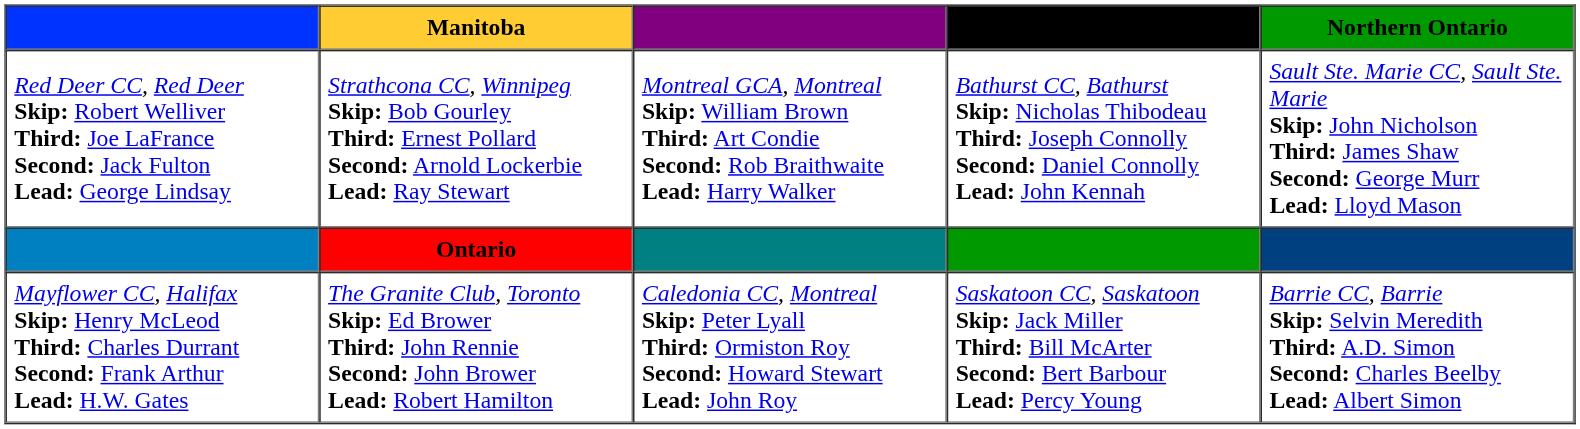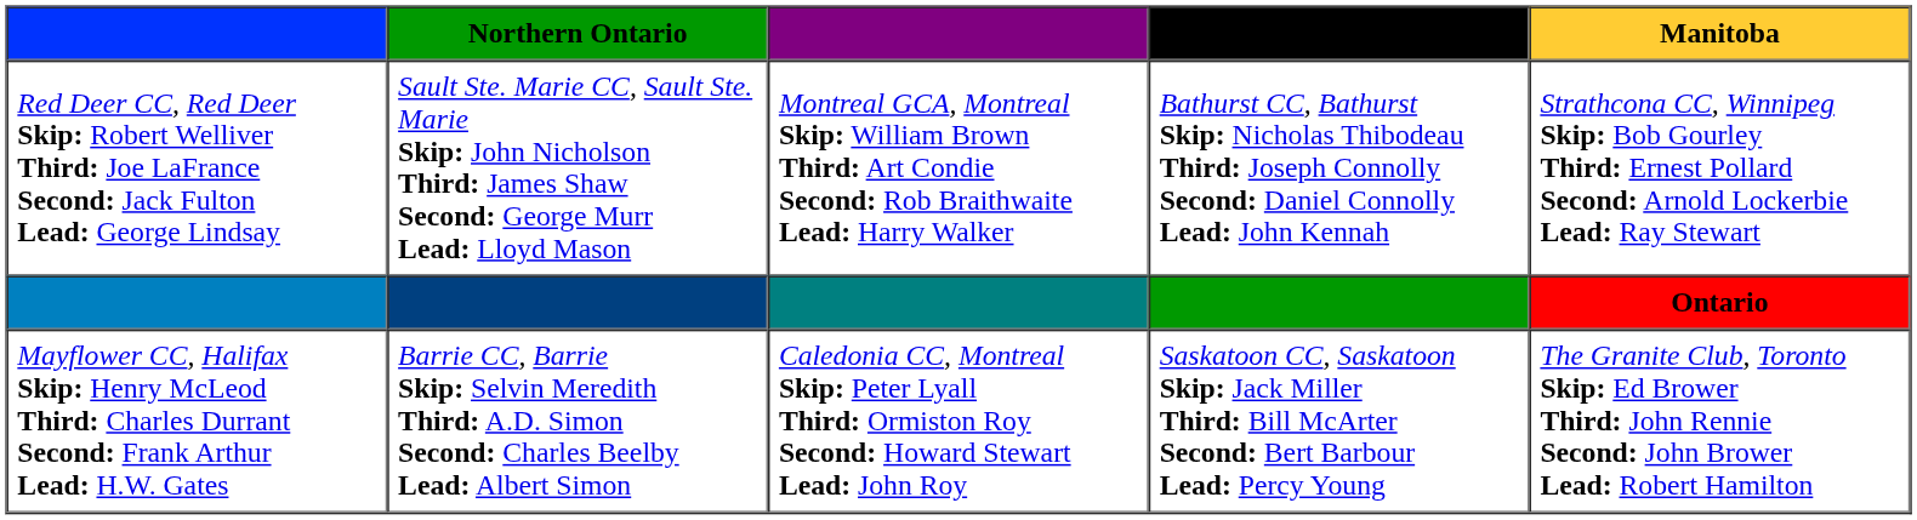 <table - border=1 cellpadding=5 cellspacing=0>
 <tr>
 <th bgcolor=#0033FF width=200></th>
-<th style="background:#FFCC33; width:200px;">Manitoba</th>
+<th style="background:#009900; width:200px;">Northern Ontario</th>
 <th bgcolor=#800080 width=200></th>
 <th bgcolor=#000000 width=200></th>
-<th style="background:#009900; width:200px;">Northern Ontario</th>
+<th style="background:#FFCC33; width:200px;">Manitoba</th>
 </tr>
 <tr>
 <td><em><a href='#'>Red Deer CC</a>, <a href='#'>Red Deer</a></em><br><strong>Skip:</strong> <a href='#'>Robert Welliver</a><br> <strong>Third:</strong> <a href='#'>Joe LaFrance</a><br> <strong>Second:</strong> <a href='#'>Jack Fulton</a><br> <strong>Lead:</strong> <a href='#'>George Lindsay</a></td>
-<td><em><a href='#'>Strathcona CC</a>, <a href='#'>Winnipeg</a></em><br><strong>Skip:</strong> <a href='#'>Bob Gourley</a><br> <strong>Third:</strong> <a href='#'>Ernest Pollard</a><br> <strong>Second:</strong> <a href='#'>Arnold Lockerbie</a><br> <strong>Lead:</strong> <a href='#'>Ray Stewart</a></td>
+<td><em><a href='#'>Sault Ste. Marie CC</a>, <a href='#'>Sault Ste. Marie</a></em><br><strong>Skip:</strong> <a href='#'>John Nicholson</a><br> <strong>Third:</strong> <a href='#'>James Shaw</a><br> <strong>Second:</strong> <a href='#'>George Murr</a><br> <strong>Lead:</strong> <a href='#'>Lloyd Mason</a></td>
 <td><em><a href='#'>Montreal GCA</a>, <a href='#'>Montreal</a></em><br><strong>Skip:</strong> <a href='#'>William Brown</a><br> <strong>Third:</strong> <a href='#'>Art Condie</a><br> <strong>Second:</strong> <a href='#'>Rob Braithwaite</a><br> <strong>Lead:</strong> <a href='#'>Harry Walker</a></td>
 <td><em><a href='#'>Bathurst CC</a>, <a href='#'>Bathurst</a></em><br><strong>Skip:</strong> <a href='#'>Nicholas Thibodeau</a><br> <strong>Third:</strong> <a href='#'>Joseph Connolly</a><br> <strong>Second:</strong> <a href='#'>Daniel Connolly</a><br> <strong>Lead:</strong> <a href='#'>John Kennah</a></td>
-<td><em><a href='#'>Sault Ste. Marie CC</a>, <a href='#'>Sault Ste. Marie</a></em><br><strong>Skip:</strong> <a href='#'>John Nicholson</a><br> <strong>Third:</strong> <a href='#'>James Shaw</a><br> <strong>Second:</strong> <a href='#'>George Murr</a><br> <strong>Lead:</strong> <a href='#'>Lloyd Mason</a></td>
+<td><em><a href='#'>Strathcona CC</a>, <a href='#'>Winnipeg</a></em><br><strong>Skip:</strong> <a href='#'>Bob Gourley</a><br> <strong>Third:</strong> <a href='#'>Ernest Pollard</a><br> <strong>Second:</strong> <a href='#'>Arnold Lockerbie</a><br> <strong>Lead:</strong> <a href='#'>Ray Stewart</a></td>
 </tr>
 <tr border=1 cellpadding=5 cellspacing=0>
 <th bgcolor=#0080C0 width=200></th>
-<th bgcolor=#FF0000 width=200>Ontario</th>
+<th bgcolor=#004080 width=200></th>
 <th style="background:#008080; width:200px;"></th>
 <th bgcolor=#009900 width=200></th>
-<th bgcolor=#004080 width=200></th>
+<th bgcolor=#FF0000 width=200>Ontario</th>
 </tr>
 <tr>
 <td><em><a href='#'>Mayflower CC</a>, <a href='#'>Halifax</a></em><br><strong>Skip:</strong> <a href='#'>Henry McLeod</a><br> <strong>Third:</strong> <a href='#'>Charles Durrant</a><br> <strong>Second:</strong> <a href='#'>Frank Arthur</a><br> <strong>Lead:</strong> <a href='#'>H.W. Gates</a></td>
-<td><em><a href='#'>The Granite Club</a>, <a href='#'>Toronto</a></em><br><strong>Skip:</strong> <a href='#'>Ed Brower</a><br> <strong>Third:</strong> <a href='#'>John Rennie</a><br> <strong>Second:</strong> <a href='#'>John Brower</a><br> <strong>Lead:</strong> <a href='#'>Robert Hamilton</a></td>
+<td><em><a href='#'>Barrie CC</a>, <a href='#'>Barrie</a></em><br><strong>Skip:</strong> <a href='#'>Selvin Meredith</a><br> <strong>Third:</strong> <a href='#'>A.D. Simon</a><br> <strong>Second:</strong> <a href='#'>Charles Beelby</a><br> <strong>Lead:</strong> <a href='#'>Albert Simon</a></td>
 <td><em><a href='#'>Caledonia CC</a>, <a href='#'>Montreal</a></em><br><strong>Skip:</strong> <a href='#'>Peter Lyall</a><br> <strong>Third:</strong> <a href='#'>Ormiston Roy</a><br> <strong>Second:</strong> <a href='#'>Howard Stewart</a><br> <strong>Lead:</strong> <a href='#'>John Roy</a></td>
 <td><em><a href='#'>Saskatoon CC</a>, <a href='#'>Saskatoon</a></em><br><strong>Skip:</strong> <a href='#'>Jack Miller</a><br> <strong>Third:</strong> <a href='#'>Bill McArter</a><br> <strong>Second:</strong> <a href='#'>Bert Barbour</a><br> <strong>Lead:</strong> <a href='#'>Percy Young</a></td>
-<td><em><a href='#'>Barrie CC</a>, <a href='#'>Barrie</a></em><br><strong>Skip:</strong> <a href='#'>Selvin Meredith</a><br> <strong>Third:</strong> <a href='#'>A.D. Simon</a><br> <strong>Second:</strong> <a href='#'>Charles Beelby</a><br> <strong>Lead:</strong> <a href='#'>Albert Simon</a></td>
+<td><em><a href='#'>The Granite Club</a>, <a href='#'>Toronto</a></em><br><strong>Skip:</strong> <a href='#'>Ed Brower</a><br> <strong>Third:</strong> <a href='#'>John Rennie</a><br> <strong>Second:</strong> <a href='#'>John Brower</a><br> <strong>Lead:</strong> <a href='#'>Robert Hamilton</a></td>
 </tr>
 </table>
